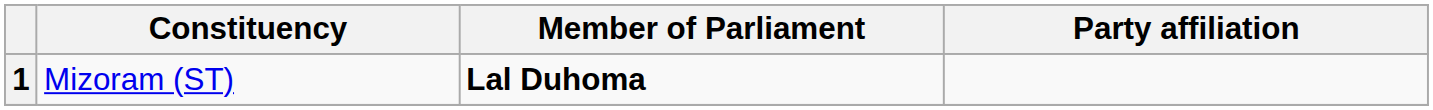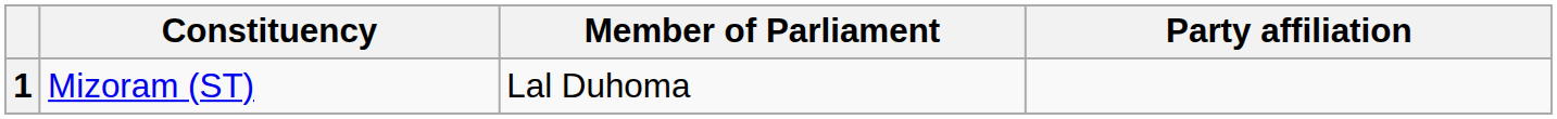 <table class="wikitable sortable">
 <tr style="text-align:center;">
 <th></th>
 <th style="width:13em">Constituency</th>
 <th style="width:15em">Member of Parliament</th>
 <th colspan="2" style="width:15em">Party affiliation</th>
 </tr>
 <tr>
 <th>1</th>
 <td><a href='#'>Mizoram (ST)</a></td>
-<td><strong>Lal Duhoma</strong></td>
+<td>Lal Duhoma</td>
 <td></td>
 </tr>
 <tr>
 </tr>
 </table>
